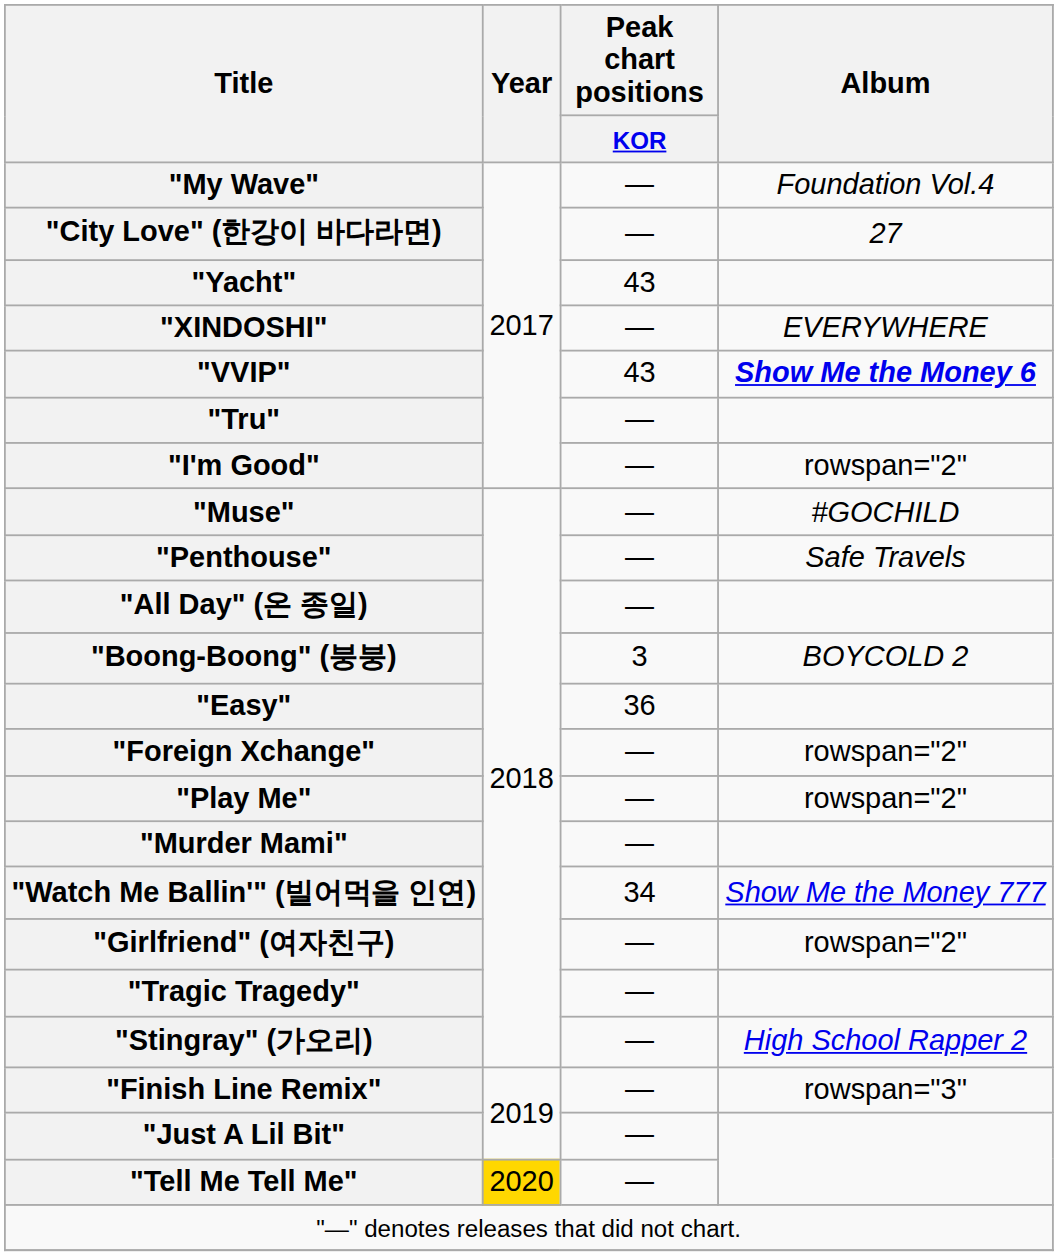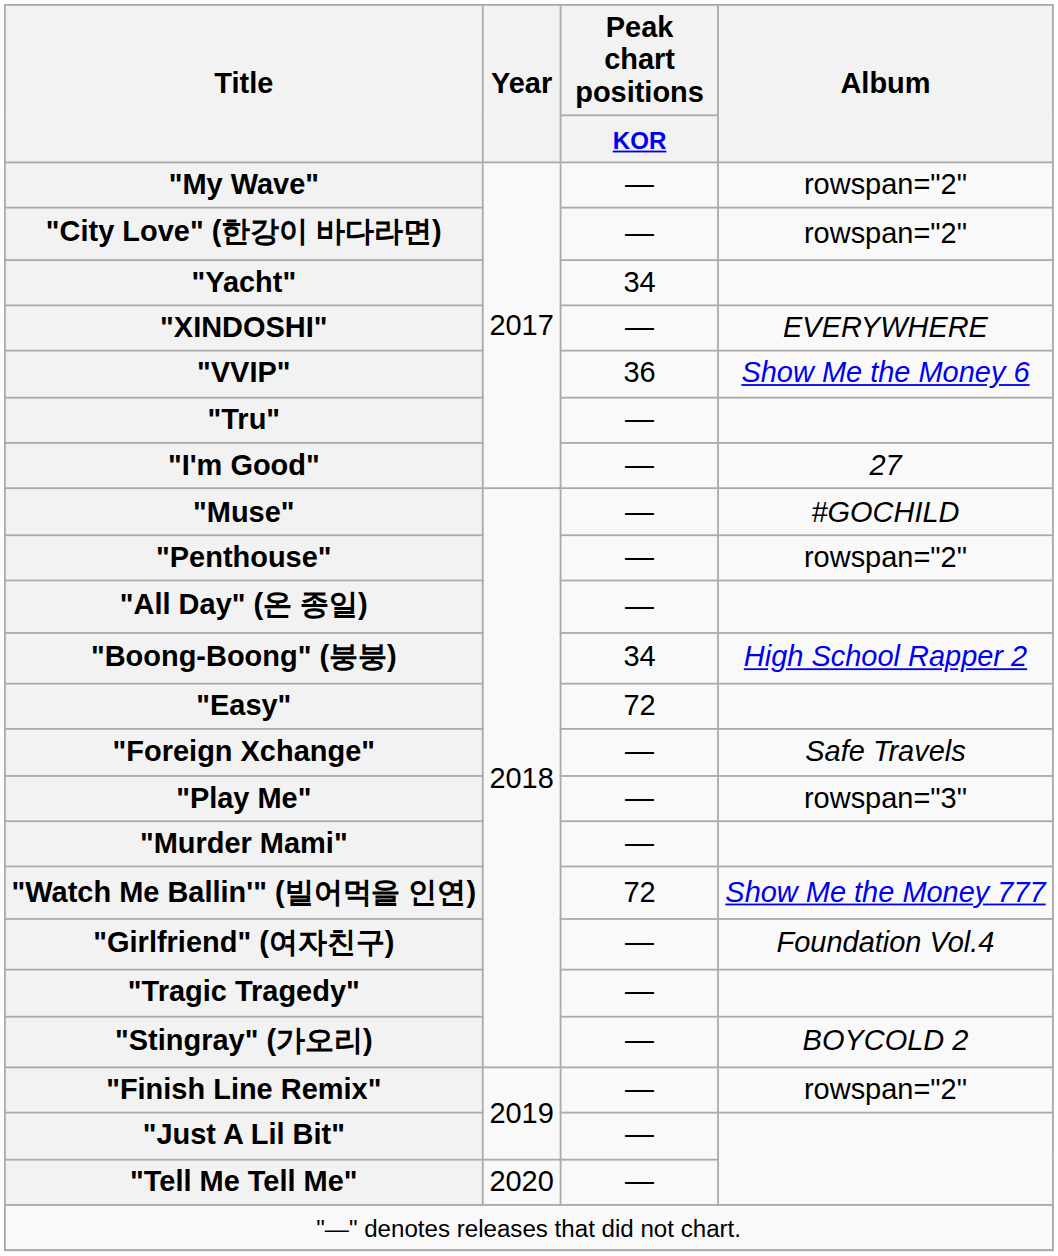 <table class="wikitable plainrowheaders" style="text-align:center;">
 <tr>
 <th scope="col" rowspan="2">Title</th>
 <th scope="col" rowspan="2">Year</th>
 <th scope="col" colspan="1" style="width:5em;">Peak chart positions</th>
 <th scope="col" rowspan="2">Album</th>
 </tr>
 <tr>
 <th><small><a href='#'>KOR</a></small><br></th>
 </tr>
 <tr>
 <th scope="row">"My Wave"<br></th>
 <td rowspan="7">2017</td>
 <td>—</td>
-<td><em>Foundation Vol.4</em></td>
+<td>rowspan="2" </td>
 </tr>
 <tr>
 <th scope="row">"City Love" (한강이 바다라면)<br></th>
 <td>—</td>
-<td><em>27</em></td>
+<td>rowspan="2" </td>
 </tr>
 <tr>
 <th scope="row">"Yacht"<br></th>
-<td>43</td>
+<td>34</td>
 </tr>
 <tr>
 <th scope="row">"XINDOSHI"<br></th>
 <td>—</td>
 <td><em>EVERYWHERE</em></td>
 </tr>
 <tr>
 <th scope="row">"VVIP"<br></th>
-<td>43</td>
-<td><strong><em><a href='#'>Show Me the Money 6</a></em></strong></td>
+<td>36</td>
+<td><em><a href='#'>Show Me the Money 6</a></em></td>
 </tr>
 <tr>
 <th scope="row">"Tru"<br></th>
 <td>—</td>
 <td></td>
 </tr>
 <tr>
 <th scope="row">"I'm Good"<br></th>
 <td>—</td>
-<td>rowspan="2" </td>
+<td><em>27</em></td>
 </tr>
 <tr>
 <th scope="row">"Muse"<br></th>
 <td rowspan="12">2018</td>
 <td>—</td>
 <td><em>#GOCHILD</em></td>
 </tr>
 <tr>
 <th scope="row">"Penthouse"<br></th>
 <td>—</td>
-<td><em>Safe Travels</em></td>
+<td>rowspan="2" </td>
 </tr>
 <tr>
 <th scope="row">"All Day" (온 종일)<br></th>
 <td>—</td>
 </tr>
 <tr>
 <th scope="row">"Boong-Boong" (붕붕)<br></th>
-<td>3</td>
-<td><em>BOYCOLD 2</em></td>
+<td>34</td>
+<td><em><a href='#'>High School Rapper 2</a></em></td>
 </tr>
 <tr>
 <th scope="row">"Easy"<br></th>
-<td>36</td>
+<td>72</td>
 <td></td>
 </tr>
 <tr>
 <th scope="row">"Foreign Xchange"<br></th>
 <td>—</td>
-<td>rowspan="2" </td>
+<td><em>Safe Travels</em></td>
 </tr>
 <tr>
 <th scope="row">"Play Me"<br></th>
 <td>—</td>
-<td>rowspan="2" </td>
+<td>rowspan="3" </td>
 </tr>
 <tr>
 <th scope="row">"Murder Mami"<br></th>
 <td>—</td>
 </tr>
 <tr>
 <th scope="row">"Watch Me Ballin'" (빌어먹을 인연)<br></th>
-<td>34</td>
+<td>72</td>
 <td><em><a href='#'>Show Me the Money 777</a></em></td>
 </tr>
 <tr>
 <th scope="row">"Girlfriend" (여자친구)<br></th>
 <td>—</td>
-<td>rowspan="2" </td>
+<td><em>Foundation Vol.4</em></td>
 </tr>
 <tr>
 <th scope="row">"Tragic Tragedy"<br></th>
 <td>—</td>
 </tr>
 <tr>
 <th scope="row">"Stingray" (가오리)<br></th>
 <td>—</td>
-<td><em><a href='#'>High School Rapper 2</a></em></td>
+<td><em>BOYCOLD 2</em></td>
 </tr>
 <tr>
 <th scope="row">"Finish Line Remix"<br></th>
 <td rowspan="2">2019</td>
 <td>—</td>
-<td>rowspan="3" </td>
+<td>rowspan="2" </td>
 </tr>
 <tr>
 <th scope="row">"Just A Lil Bit"<br></th>
 <td>—</td>
 </tr>
 <tr>
 <th scope="row">"Tell Me Tell Me"<br></th>
-<td style="background: gold;">2020</td>
+<td>2020</td>
 <td>—</td>
 </tr>
 <tr>
 <td colspan="4"><small>"—" denotes releases that did not chart.</small></td>
 </tr>
 <tr>
 </tr>
 </table>
